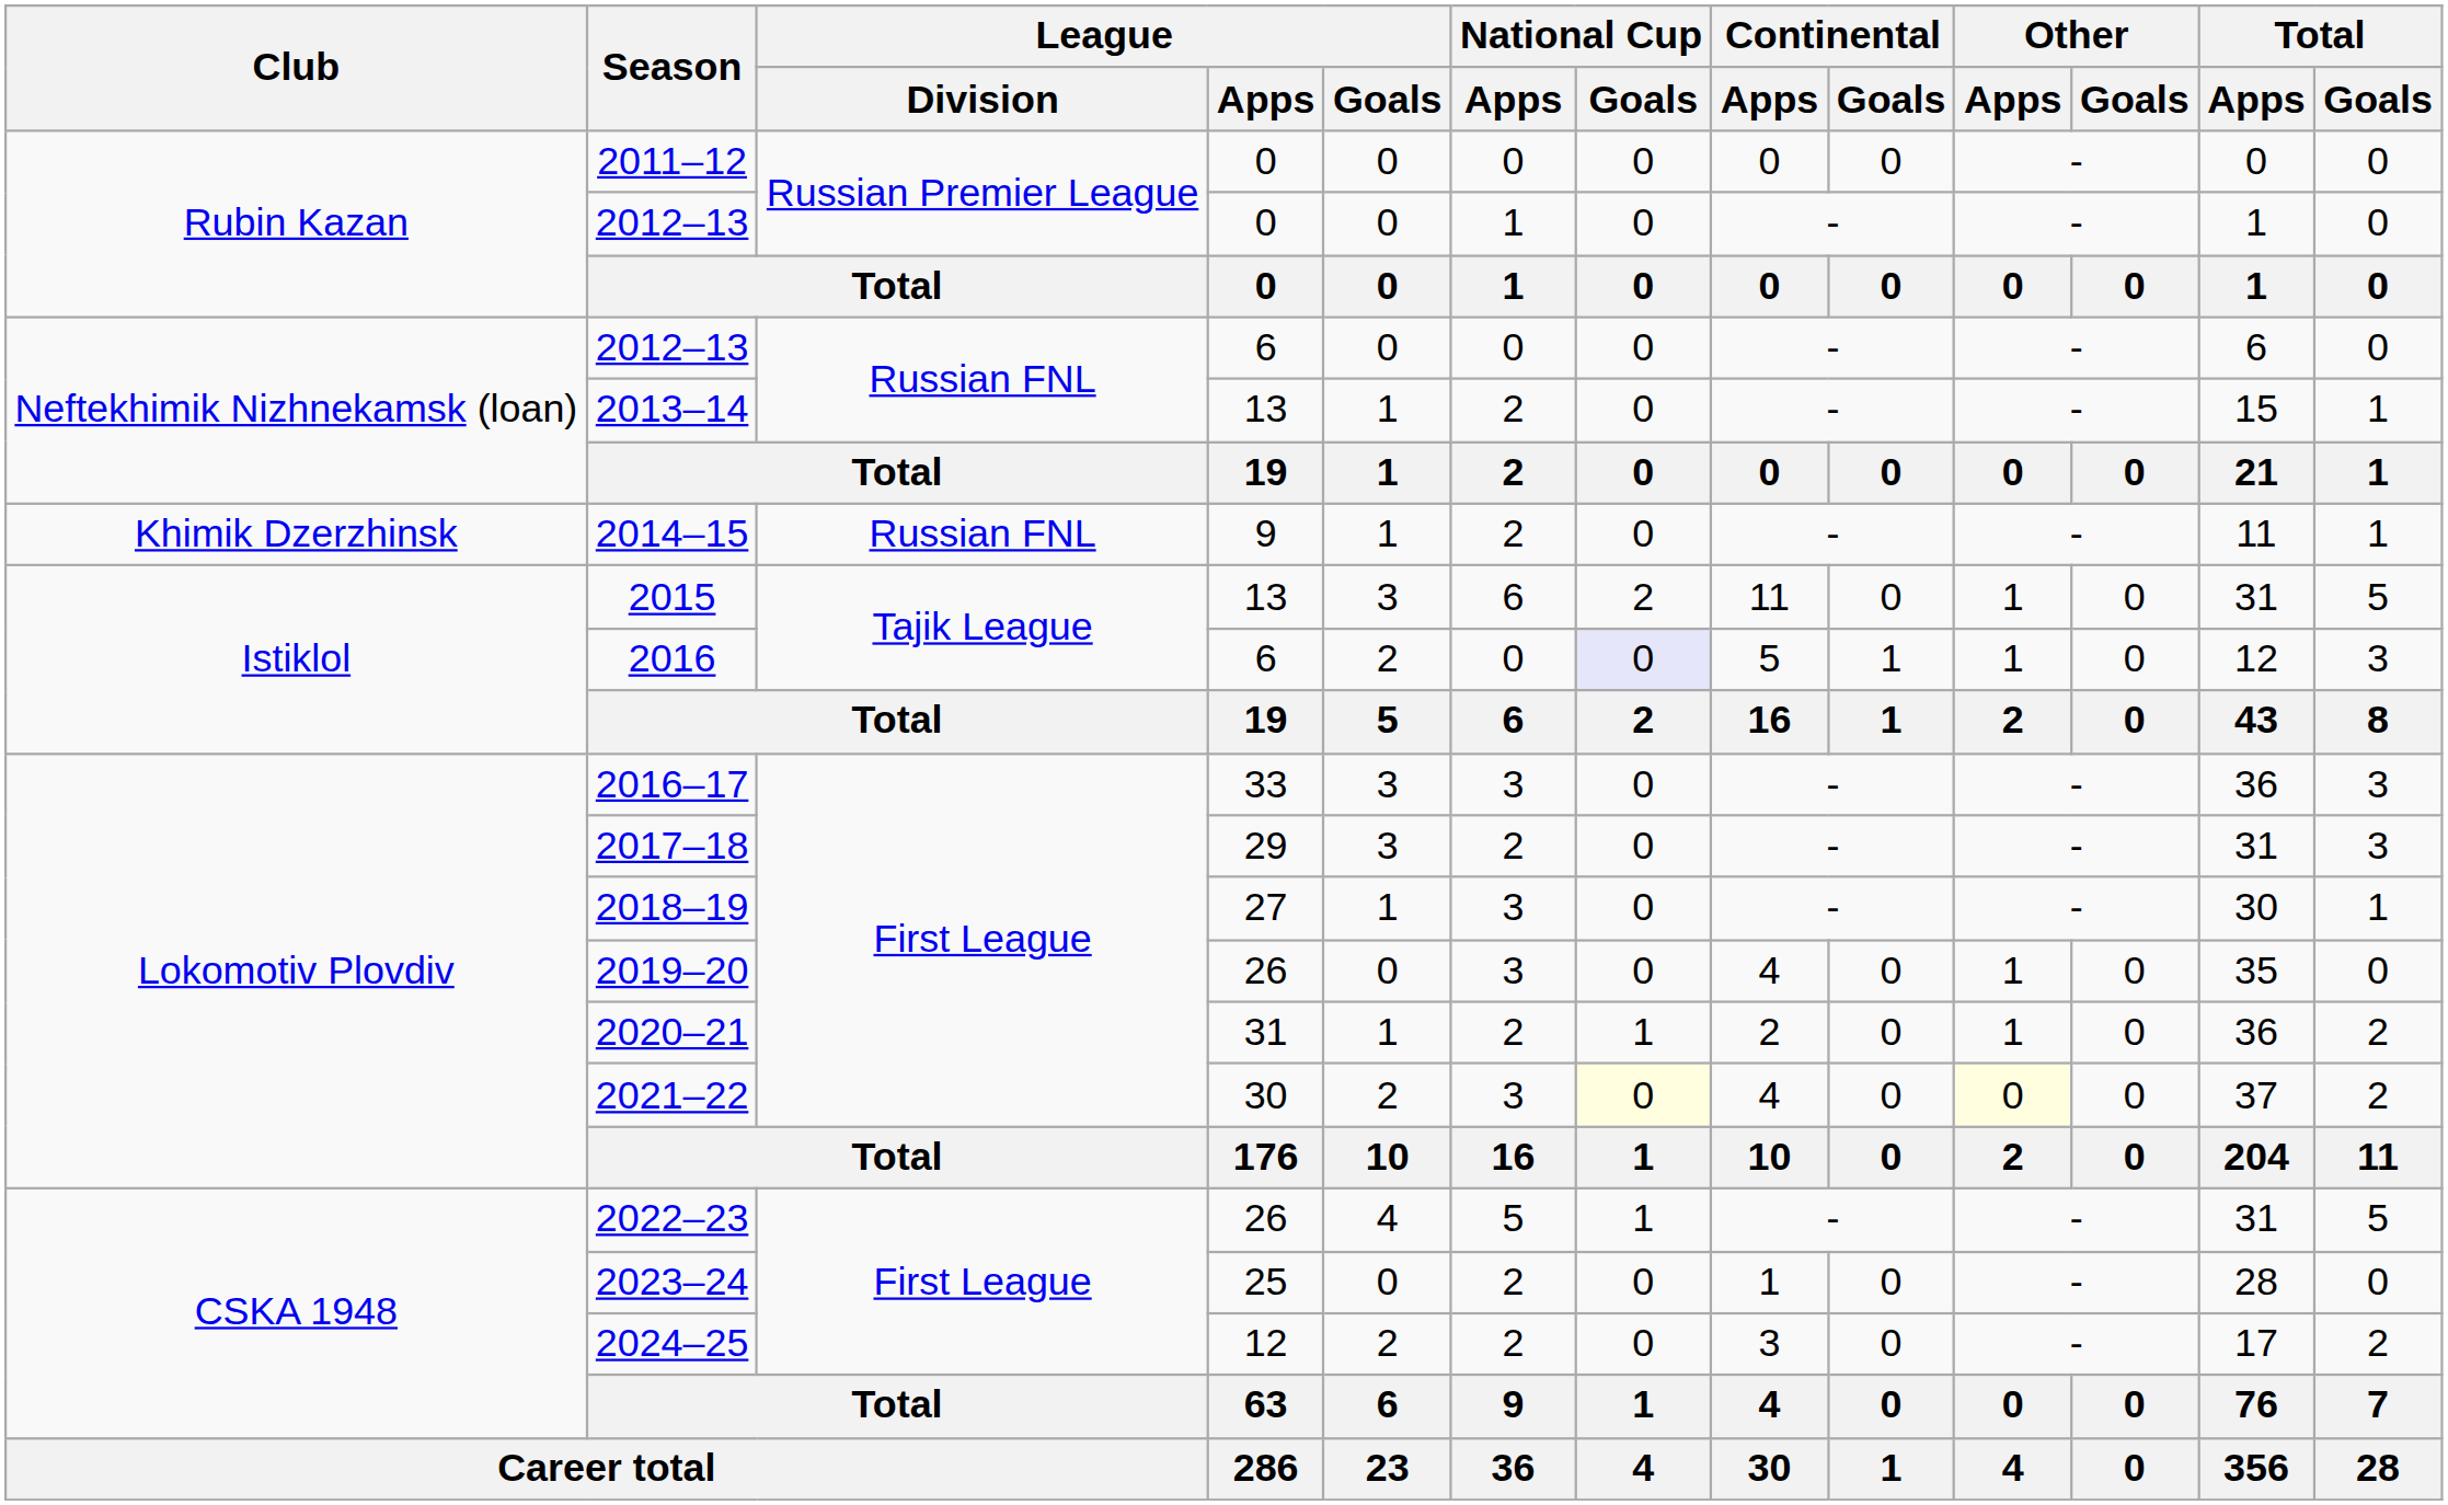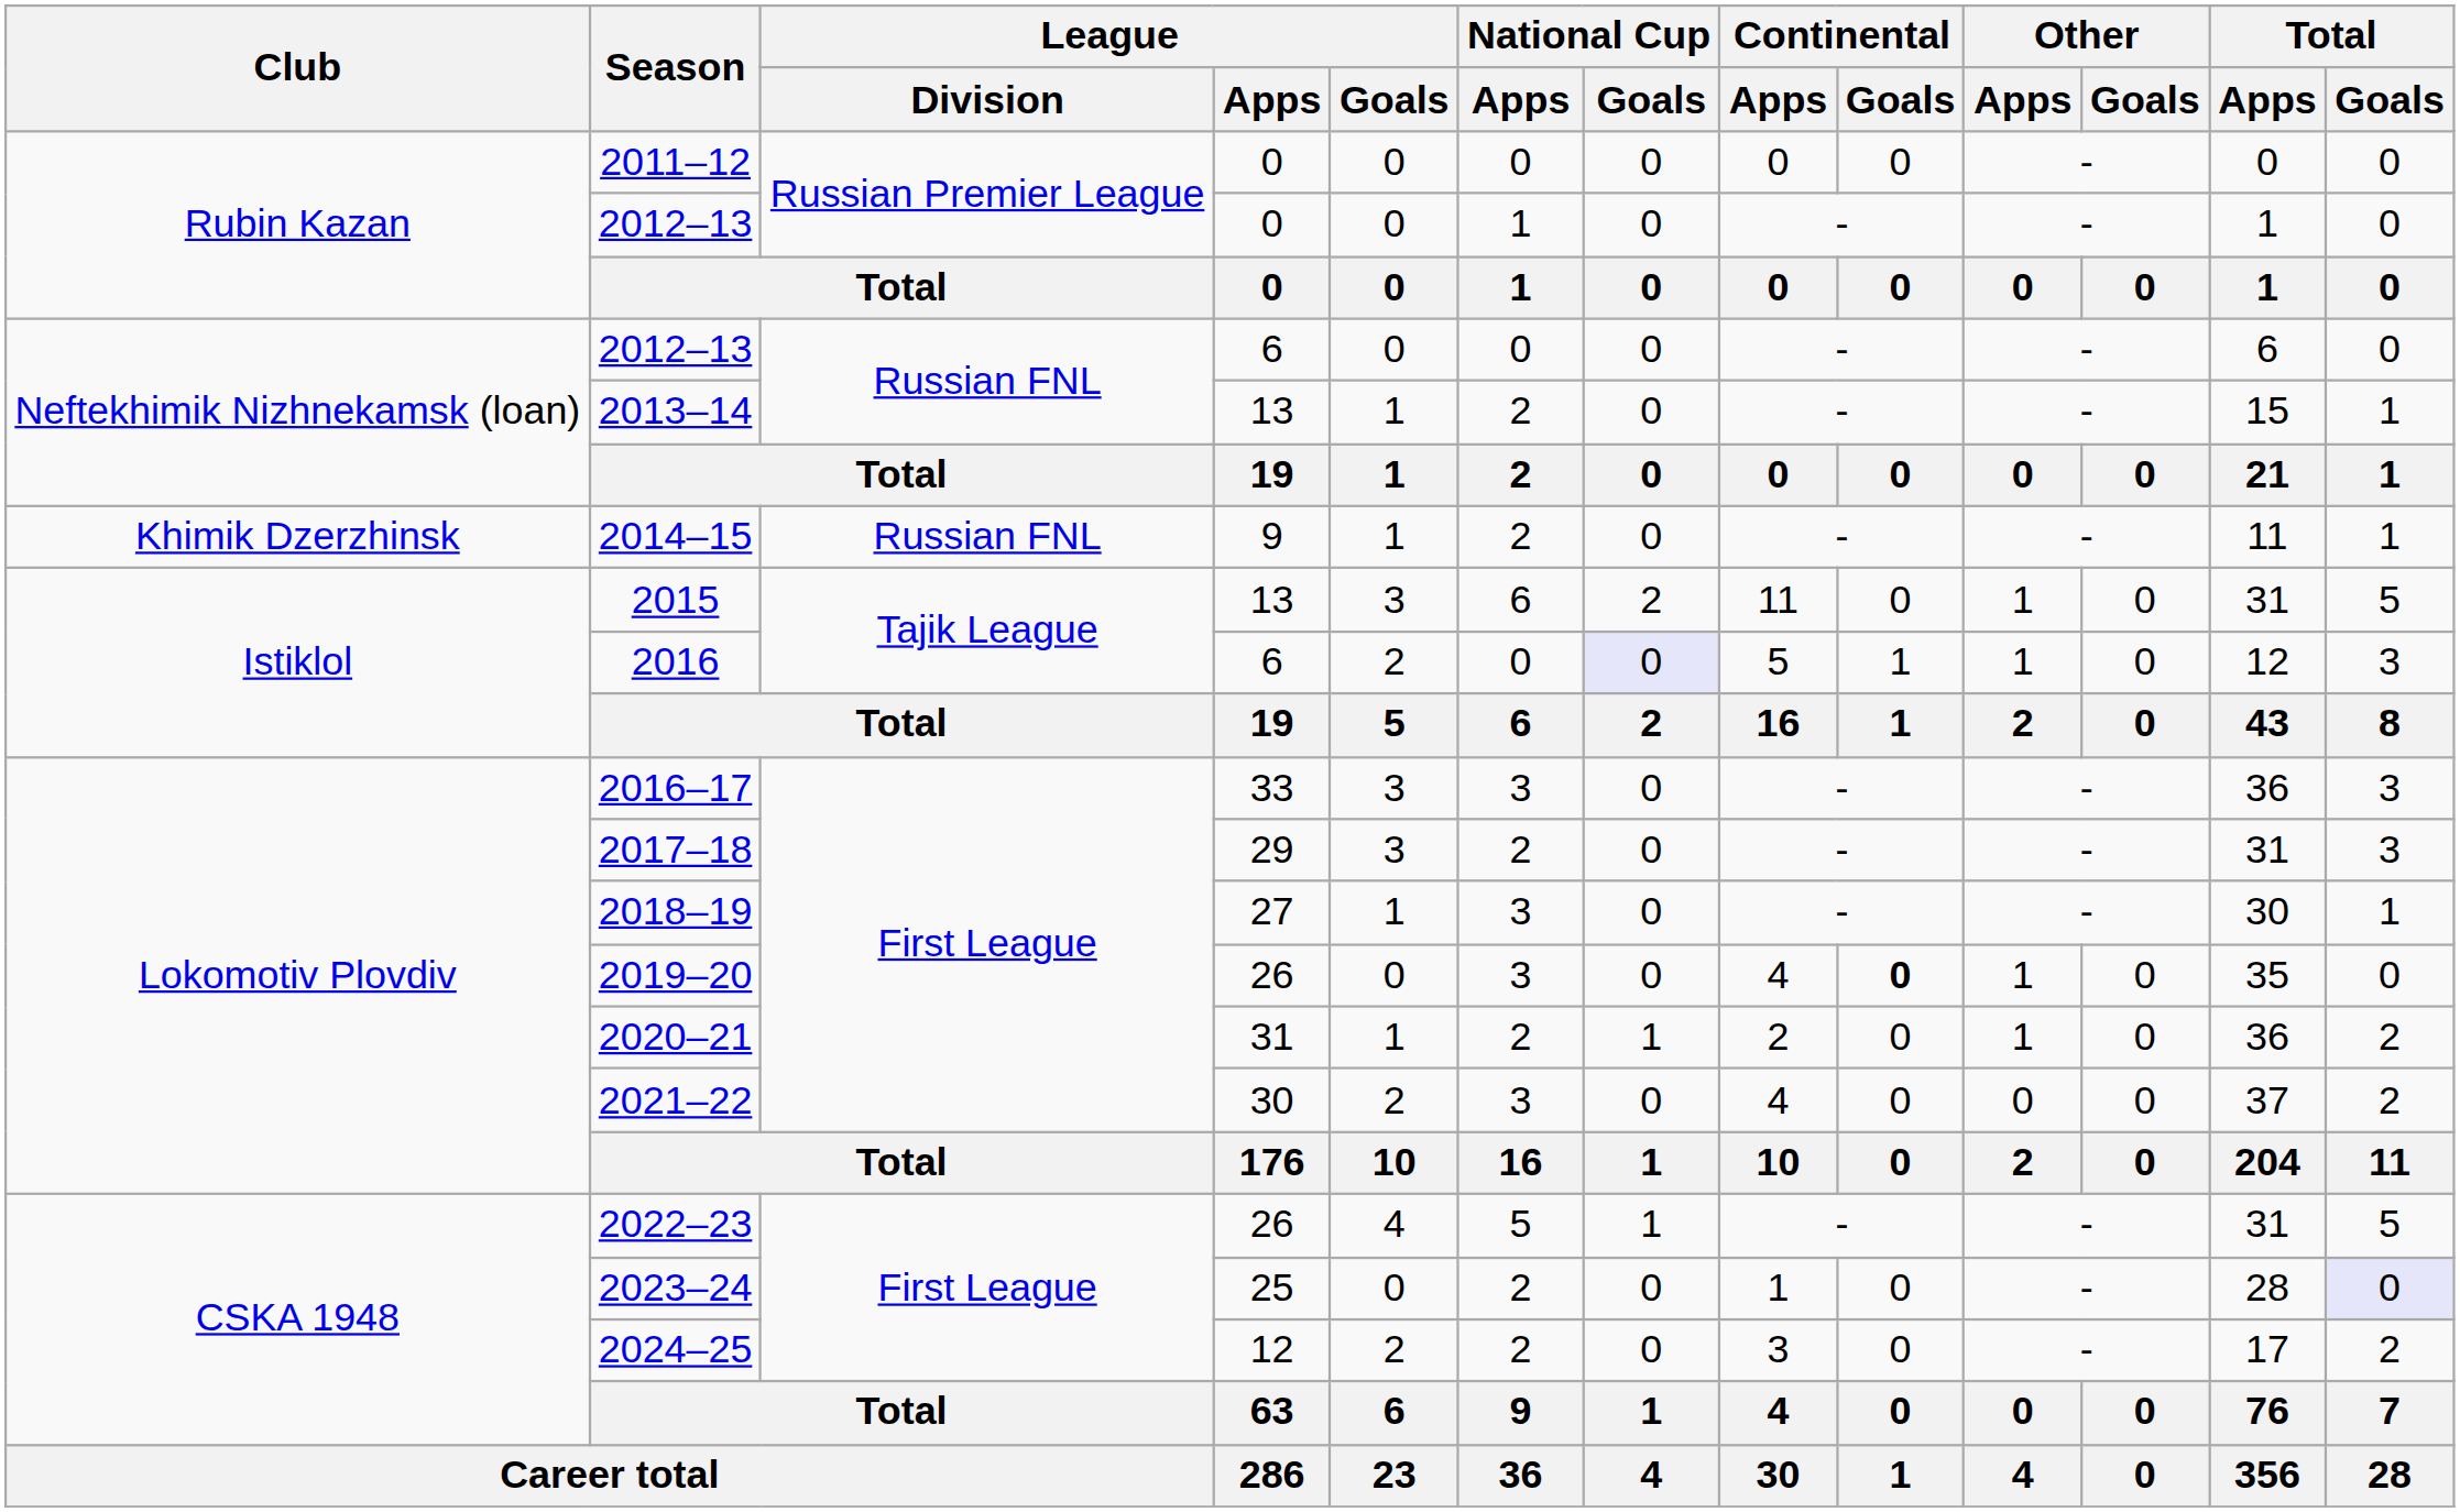 <table class="wikitable" style="text-align: center;">
 <tr>
 <th rowspan="2">Club</th>
 <th rowspan="2">Season</th>
 <th colspan="3">League</th>
 <th colspan="2">National Cup</th>
 <th colspan="2">Continental</th>
 <th colspan="2">Other</th>
 <th colspan="2">Total</th>
 </tr>
 <tr>
 <th>Division</th>
 <th>Apps</th>
 <th>Goals</th>
 <th>Apps</th>
 <th>Goals</th>
 <th>Apps</th>
 <th>Goals</th>
 <th>Apps</th>
 <th>Goals</th>
 <th>Apps</th>
 <th>Goals</th>
 </tr>
 <tr>
 <td rowspan="3" valign="center"><a href='#'>Rubin Kazan</a></td>
 <td><a href='#'>2011–12</a></td>
 <td rowspan="2" valign="center"><a href='#'>Russian Premier League</a></td>
 <td>0</td>
 <td>0</td>
 <td>0</td>
 <td>0</td>
 <td>0</td>
 <td>0</td>
 <td colspan="2">-</td>
 <td>0</td>
 <td>0</td>
 </tr>
 <tr>
 <td><a href='#'>2012–13</a></td>
 <td>0</td>
 <td>0</td>
 <td>1</td>
 <td>0</td>
 <td colspan="2">-</td>
 <td colspan="2">-</td>
 <td>1</td>
 <td>0</td>
 </tr>
 <tr>
 <th colspan="2">Total</th>
 <th>0</th>
 <th>0</th>
 <th>1</th>
 <th>0</th>
 <th>0</th>
 <th>0</th>
 <th>0</th>
 <th>0</th>
 <th>1</th>
 <th>0</th>
 </tr>
 <tr>
 <td rowspan="3" valign="center"><a href='#'>Neftekhimik Nizhnekamsk</a> (loan)</td>
 <td><a href='#'>2012–13</a></td>
 <td rowspan="2" valign="center"><a href='#'>Russian FNL</a></td>
 <td>6</td>
 <td>0</td>
 <td>0</td>
 <td>0</td>
 <td colspan="2">-</td>
 <td colspan="2">-</td>
 <td>6</td>
 <td>0</td>
 </tr>
 <tr>
 <td><a href='#'>2013–14</a></td>
 <td>13</td>
 <td>1</td>
 <td>2</td>
 <td>0</td>
 <td colspan="2">-</td>
 <td colspan="2">-</td>
 <td>15</td>
 <td>1</td>
 </tr>
 <tr>
 <th colspan="2">Total</th>
 <th>19</th>
 <th>1</th>
 <th>2</th>
 <th>0</th>
 <th>0</th>
 <th>0</th>
 <th>0</th>
 <th>0</th>
 <th>21</th>
 <th>1</th>
 </tr>
 <tr>
 <td rowspan="1" valign="center"><a href='#'>Khimik Dzerzhinsk</a></td>
 <td><a href='#'>2014–15</a></td>
 <td rowspan="1" valign="center"><a href='#'>Russian FNL</a></td>
 <td>9</td>
 <td>1</td>
 <td>2</td>
 <td>0</td>
 <td colspan="2">-</td>
 <td colspan="2">-</td>
 <td>11</td>
 <td>1</td>
 </tr>
 <tr>
 <td rowspan="3" valign="center"><a href='#'>Istiklol</a></td>
 <td><a href='#'>2015</a></td>
 <td rowspan="2" valign="center"><a href='#'>Tajik League</a></td>
 <td>13</td>
 <td>3</td>
 <td>6</td>
 <td>2</td>
 <td>11</td>
 <td>0</td>
 <td>1</td>
 <td>0</td>
 <td>31</td>
 <td>5</td>
 </tr>
 <tr>
 <td><a href='#'>2016</a></td>
 <td>6</td>
 <td>2</td>
 <td>0</td>
 <td style="background: lavender;">0</td>
 <td>5</td>
 <td>1</td>
 <td>1</td>
 <td>0</td>
 <td>12</td>
 <td>3</td>
 </tr>
 <tr>
 <th colspan="2">Total</th>
 <th>19</th>
 <th>5</th>
 <th>6</th>
 <th>2</th>
 <th>16</th>
 <th>1</th>
 <th>2</th>
 <th>0</th>
 <th>43</th>
 <th>8</th>
 </tr>
 <tr>
 <td rowspan="7" valign="center"><a href='#'>Lokomotiv Plovdiv</a></td>
 <td><a href='#'>2016–17</a></td>
 <td rowspan="6" valign="center"><a href='#'>First League</a></td>
 <td>33</td>
 <td>3</td>
 <td>3</td>
 <td>0</td>
 <td colspan="2">-</td>
 <td colspan="2">-</td>
 <td>36</td>
 <td>3</td>
 </tr>
 <tr>
 <td><a href='#'>2017–18</a></td>
 <td>29</td>
 <td>3</td>
 <td>2</td>
 <td>0</td>
 <td colspan="2">-</td>
 <td colspan="2">-</td>
 <td>31</td>
 <td>3</td>
 </tr>
 <tr>
 <td><a href='#'>2018–19</a></td>
 <td>27</td>
 <td>1</td>
 <td>3</td>
 <td>0</td>
 <td colspan="2">-</td>
 <td colspan="2">-</td>
 <td>30</td>
 <td>1</td>
 </tr>
 <tr>
 <td><a href='#'>2019–20</a></td>
 <td>26</td>
 <td>0</td>
 <td>3</td>
 <td>0</td>
 <td>4</td>
-<td>0</td>
+<td><strong>0</strong></td>
 <td>1</td>
 <td>0</td>
 <td>35</td>
 <td>0</td>
 </tr>
 <tr>
 <td><a href='#'>2020–21</a></td>
 <td>31</td>
 <td>1</td>
 <td>2</td>
 <td>1</td>
 <td>2</td>
 <td>0</td>
 <td>1</td>
 <td>0</td>
 <td>36</td>
 <td>2</td>
 </tr>
 <tr>
 <td><a href='#'>2021–22</a></td>
 <td>30</td>
 <td>2</td>
 <td>3</td>
-<td style="background: lightyellow;">0</td>
+<td>0</td>
 <td>4</td>
 <td>0</td>
-<td style="background: lightyellow;">0</td>
+<td>0</td>
 <td>0</td>
 <td>37</td>
 <td>2</td>
 </tr>
 <tr>
 <th colspan="2">Total</th>
 <th>176</th>
 <th>10</th>
 <th>16</th>
 <th>1</th>
 <th>10</th>
 <th>0</th>
 <th>2</th>
 <th>0</th>
 <th>204</th>
 <th>11</th>
 </tr>
 <tr>
 <td rowspan="4" valign="center"><a href='#'>CSKA 1948</a></td>
 <td><a href='#'>2022–23</a></td>
 <td rowspan="3" valign="center"><a href='#'>First League</a></td>
 <td>26</td>
 <td>4</td>
 <td>5</td>
 <td>1</td>
 <td colspan="2">-</td>
 <td colspan="2">-</td>
 <td>31</td>
 <td>5</td>
 </tr>
 <tr>
 <td><a href='#'>2023–24</a></td>
 <td>25</td>
 <td>0</td>
 <td>2</td>
 <td>0</td>
 <td>1</td>
 <td>0</td>
 <td colspan="2">-</td>
 <td>28</td>
-<td>0</td>
+<td style="background: lavender;">0</td>
 </tr>
 <tr>
 <td><a href='#'>2024–25</a></td>
 <td>12</td>
 <td>2</td>
 <td>2</td>
 <td>0</td>
 <td>3</td>
 <td>0</td>
 <td colspan="2">-</td>
 <td>17</td>
 <td>2</td>
 </tr>
 <tr>
 <th colspan="2">Total</th>
 <th>63</th>
 <th>6</th>
 <th>9</th>
 <th>1</th>
 <th>4</th>
 <th>0</th>
 <th>0</th>
 <th>0</th>
 <th>76</th>
 <th>7</th>
 </tr>
 <tr>
 <th colspan="3">Career total</th>
 <th>286</th>
 <th>23</th>
 <th>36</th>
 <th>4</th>
 <th>30</th>
 <th>1</th>
 <th>4</th>
 <th>0</th>
 <th>356</th>
 <th>28</th>
 </tr>
 </table>
